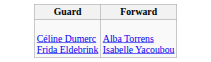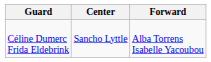 <table class=wikitable style="margin:auto">
 <tr>
 <th>Guard</th>
+<th>Center</th>
 <th>Forward</th>
 </tr>
 <tr>
 <td><br> <a href='#'>Céline Dumerc</a> <br>  <a href='#'>Frida Eldebrink</a> <br></td>
+<td valign=top><br> <a href='#'>Sancho Lyttle</a> <br></td>
 <td><br> <a href='#'>Alba Torrens</a> <br>  <a href='#'>Isabelle Yacoubou</a></td>
 </tr>
 </table>
